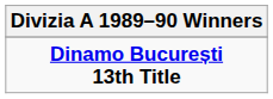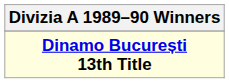 <table class="wikitable" style="text-align: center; margin: 0 auto;">
 <tr>
 <th>Divizia A 1989–90 Winners</th>
 </tr>
 <tr>
 </tr>
 <tr>
-<td><strong><a href='#'>Dinamo București</a></strong><br><strong>13th Title</strong></td>
+<td style="background: lightyellow;"><strong><a href='#'>Dinamo București</a></strong><br><strong>13th Title</strong></td>
 </tr>
 </table>
